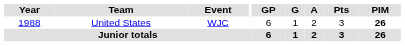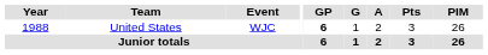 <table border="0" cellpadding="1" cellspacing="0" ID="Table3" style="text-align:center; width:40em">
 <tr bgcolor="#e0e0e0">
 <th>Year</th>
 <th>Team</th>
 <th>Event</th>
 <th rowspan="102" bgcolor="#ffffff"></th>
 <th>GP</th>
 <th>G</th>
 <th>A</th>
 <th>Pts</th>
 <th>PIM</th>
 </tr>
 <tr>
 <td><a href='#'>1988</a></td>
 <td><a href='#'>United States</a></td>
 <td><a href='#'>WJC</a></td>
-<td>6</td>
+<td><strong>6</strong></td>
 <td>1</td>
 <td>2</td>
 <td>3</td>
-<td><strong>26</strong></td>
+<td>26</td>
 </tr>
 <tr bgcolor="#e0e0e0">
 <th colspan="4">Junior totals</th>
 <th>6</th>
 <th>1</th>
 <th>2</th>
 <th>3</th>
 <th>26</th>
 </tr>
 </table>
